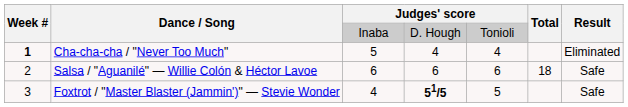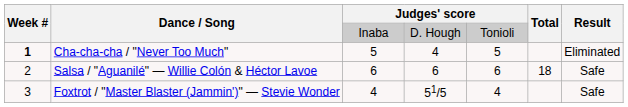 <table class="wikitable" style="text-align:center;">
 <tr style="text-align:center;">
 <th rowspan="2" bgcolor="#CCCCCC" align="Center">Week #</th>
 <th rowspan="2" bgcolor="#CCCCCC" align="Center">Dance / Song</th>
 <th colspan="3" bgcolor="#CCCCCC" align="Center">Judges' score</th>
 <th rowspan="2" bgcolor="#CCCCCC" align="Center">Total</th>
 <th rowspan="2" bgcolor="#CCCCCC" align="Center">Result</th>
 </tr>
 <tr>
 <td bgcolor="#CCCCCC" width="10%" align="center">Inaba</td>
 <td bgcolor="#CCCCCC" width="10%" align="center">D. Hough</td>
 <td bgcolor="#CCCCCC" width="10%" align="center">Tonioli</td>
 </tr>
 <tr>
 <td bgcolor="FAF6F6"><strong>1</strong></td>
 <td align="left" bgcolor="FAF6F6"><a href='#'>Cha-cha-cha</a> / "<a href='#'>Never Too Much</a>"</td>
 <td bgcolor="FAF6F6">5</td>
 <td bgcolor="FAF6F6">4</td>
-<td bgcolor="FAF6F6">4</td>
+<td bgcolor="FAF6F6">5</td>
 <td bgcolor="FAF6F6"></td>
 <td bgcolor="FAF6F6">Eliminated</td>
 </tr>
 <tr>
 <td bgcolor="FAF6F6">2</td>
 <td align="left" bgcolor="FAF6F6"><a href='#'>Salsa</a> / "<a href='#'>Aguanilé</a>" — <a href='#'>Willie Colón</a> & <a href='#'>Héctor Lavoe</a></td>
 <td bgcolor="FAF6F6">6</td>
 <td bgcolor="FAF6F6">6</td>
 <td bgcolor="FAF6F6">6</td>
 <td bgcolor="FAF6F6">18</td>
 <td bgcolor="FAF6F6">Safe</td>
 </tr>
 <tr>
 <td bgcolor="FAF6F6">3</td>
 <td align="left" bgcolor="FAF6F6"><a href='#'>Foxtrot</a> / "<a href='#'>Master Blaster (Jammin')</a>" — <a href='#'>Stevie Wonder</a></td>
 <td bgcolor="FAF6F6">4</td>
-<td bgcolor="FAF6F6"><strong>5<sup>1</sup>/5</strong></td>
-<td bgcolor="FAF6F6">5</td>
+<td bgcolor="FAF6F6">5<sup>1</sup>/5</td>
+<td bgcolor="FAF6F6">4</td>
 <td bgcolor="FAF6F6"></td>
 <td bgcolor="FAF6F6">Safe</td>
 </tr>
 </table>
